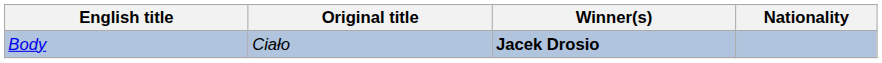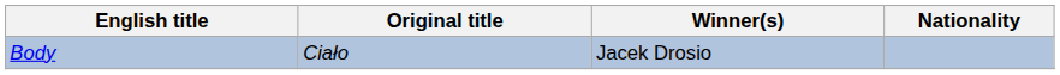 <table class="wikitable" width="95%" cellpadding="5">
 <tr>
 <th width="18%">English title</th>
 <th width="18%">Original title</th>
 <th width="18%">Winner(s)</th>
 <th width="10%">Nationality</th>
 </tr>
 <tr style="background:#B0C4DE;">
 <td><em><a href='#'>Body</a></em></td>
 <td><em>Ciało</em></td>
-<td><strong>Jacek Drosio</strong></td>
+<td>Jacek Drosio</td>
 <td></td>
 </tr>
 <tr>
 </tr>
 </table>
